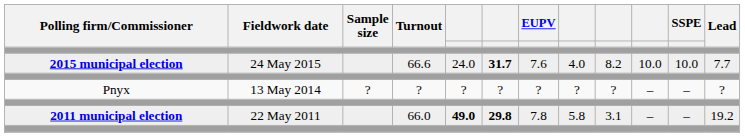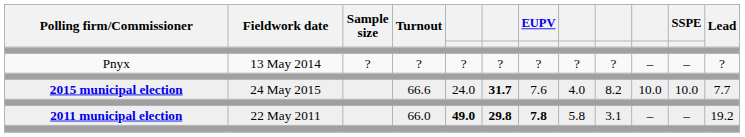 <table class="wikitable collapsible collapsed" style="text-align:center; font-size:95%; line-height:16px;">
 <tr style="height:42px;">
 <th style="width:250px;" rowspan="2">Polling firm/Commissioner</th>
 <th style="width:125px;" rowspan="2">Fieldwork date</th>
 <th style="width:50px;" rowspan="2">Sample size</th>
 <th style="width:45px;" rowspan="2">Turnout</th>
 <th style="width:35px;"></th>
 <th style="width:35px;"></th>
 <th style="width:35px; font-size:95%;"><a href='#'>EUPV</a></th>
 <th style="width:35px;"></th>
 <th style="width:35px;"></th>
 <th style="width:35px;"></th>
 <th style="width:35px; font-size:95%;">SSPE</th>
 <th style="width:30px;" rowspan="2">Lead</th>
 </tr>
 <tr>
 <th style="color:inherit;background:"></th>
 <th style="color:inherit;background:"></th>
 <th style="color:inherit;background:"></th>
 <th style="color:inherit;background:"></th>
 <th style="color:inherit;background:"></th>
 <th style="color:inherit;background:"></th>
 <th style="color:inherit;background:"></th>
 </tr>
 <tr>
 <td colspan="12" style="background:#A0A0A0"></td>
 </tr>
-<tr style="background:#EFEFEF;">
-<td><strong><a href='#'>2015 municipal election</a></strong></td>
-<td>24 May 2015</td>
-<td></td>
-<td>66.6</td>
-<td>24.0<br></td>
-<td><strong>31.7</strong><br></td>
-<td>7.6<br></td>
-<td>4.0<br></td>
-<td>8.2<br></td>
-<td>10.0<br></td>
-<td>10.0<br></td>
-<td style="background:">7.7</td>
-</tr>
-<tr>
-<td colspan="12" style="background:#A0A0A0"></td>
-</tr>
 <tr>
 <td>Pnyx</td>
 <td>13 May 2014</td>
 <td>?</td>
 <td>?</td>
 <td>?<br></td>
 <td>?<br></td>
 <td>?<br></td>
 <td>?<br></td>
 <td>?<br></td>
 <td>–</td>
 <td>–</td>
 <td style="background:">?</td>
 </tr>
 <tr>
 <td colspan="12" style="background:#A0A0A0"></td>
 </tr>
 <tr style="background:#EFEFEF;">
+<td><strong><a href='#'>2015 municipal election</a></strong></td>
+<td>24 May 2015</td>
+<td></td>
+<td>66.6</td>
+<td>24.0<br></td>
+<td><strong>31.7</strong><br></td>
+<td>7.6<br></td>
+<td>4.0<br></td>
+<td>8.2<br></td>
+<td>10.0<br></td>
+<td>10.0<br></td>
+<td style="background:">7.7</td>
+</tr>
+<tr>
+<td colspan="12" style="background:#A0A0A0"></td>
+</tr>
+<tr style="background:#EFEFEF;">
 <td><strong><a href='#'>2011 municipal election</a></strong></td>
 <td>22 May 2011</td>
 <td></td>
 <td>66.0</td>
 <td><strong>49.0</strong><br></td>
 <td><strong>29.8<br></strong></td>
-<td>7.8<br></td>
+<td><strong>7.8<br></strong></td>
 <td>5.8<br></td>
 <td>3.1<br></td>
 <td>–</td>
 <td>–</td>
 <td style="background:">19.2</td>
 </tr>
 <tr>
 <td colspan="12" style="background:#A0A0A0"></td>
 </tr>
 </table>
